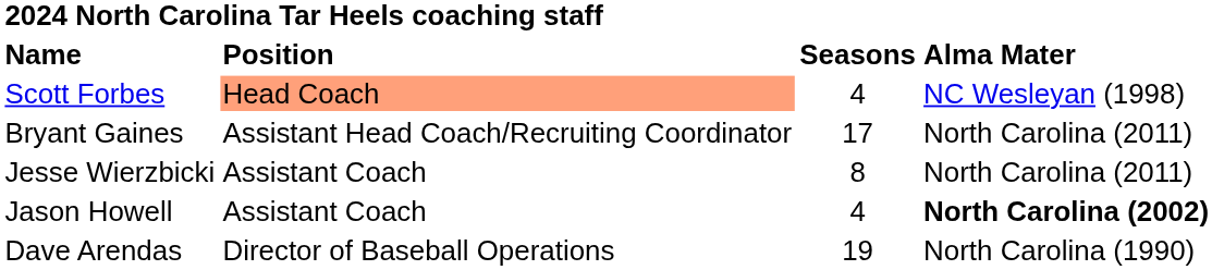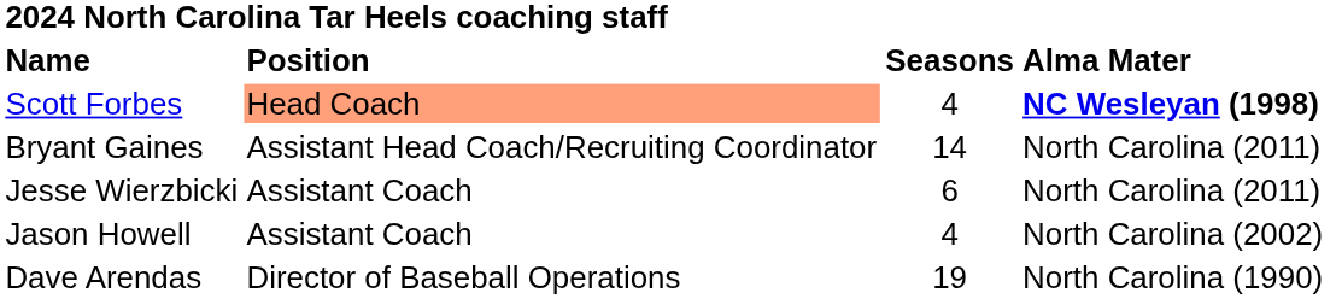 <table class="toccolours" style="text-align: left; font-size:90%;">
 <tr>
 <th colspan="9">2024 North Carolina Tar Heels coaching staff</th>
 </tr>
 <tr>
 <th>Name</th>
 <th>Position</th>
 <th>Seasons</th>
 <th>Alma Mater</th>
 </tr>
 <tr>
 <td><a href='#'>Scott Forbes</a></td>
 <td style="background: lightsalmon;">Head Coach</td>
 <td align=center>4</td>
-<td><a href='#'>NC Wesleyan</a> (1998)</td>
+<td><strong><a href='#'>NC Wesleyan</a> (1998)</strong></td>
 </tr>
 <tr>
 <td>Bryant Gaines</td>
 <td>Assistant Head Coach/Recruiting Coordinator</td>
-<td align=center>17</td>
+<td align=center>14</td>
 <td>North Carolina (2011)</td>
 </tr>
 <tr>
 <td>Jesse Wierzbicki</td>
 <td>Assistant Coach</td>
-<td align=center>8</td>
+<td align=center>6</td>
 <td>North Carolina (2011)</td>
 </tr>
 <tr>
 <td>Jason Howell</td>
 <td>Assistant Coach</td>
 <td align=center>4</td>
-<td><strong>North Carolina (2002)</strong></td>
+<td>North Carolina (2002)</td>
 </tr>
 <tr>
 <td>Dave Arendas</td>
 <td>Director of Baseball Operations</td>
 <td align=center>19</td>
 <td>North Carolina (1990)</td>
 </tr>
 </table>
